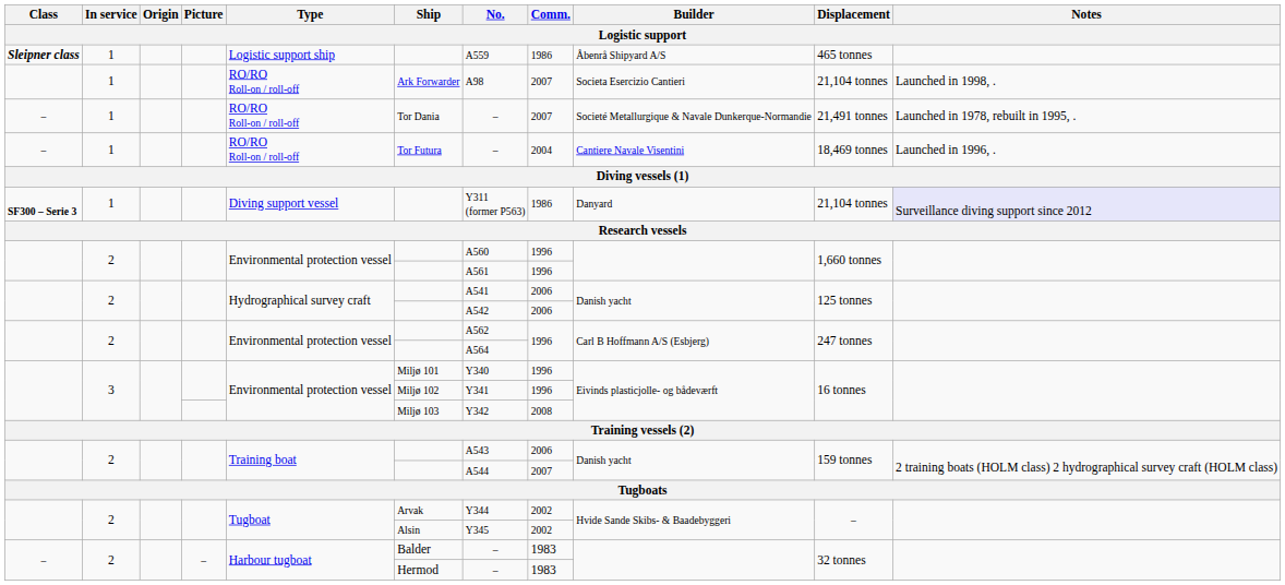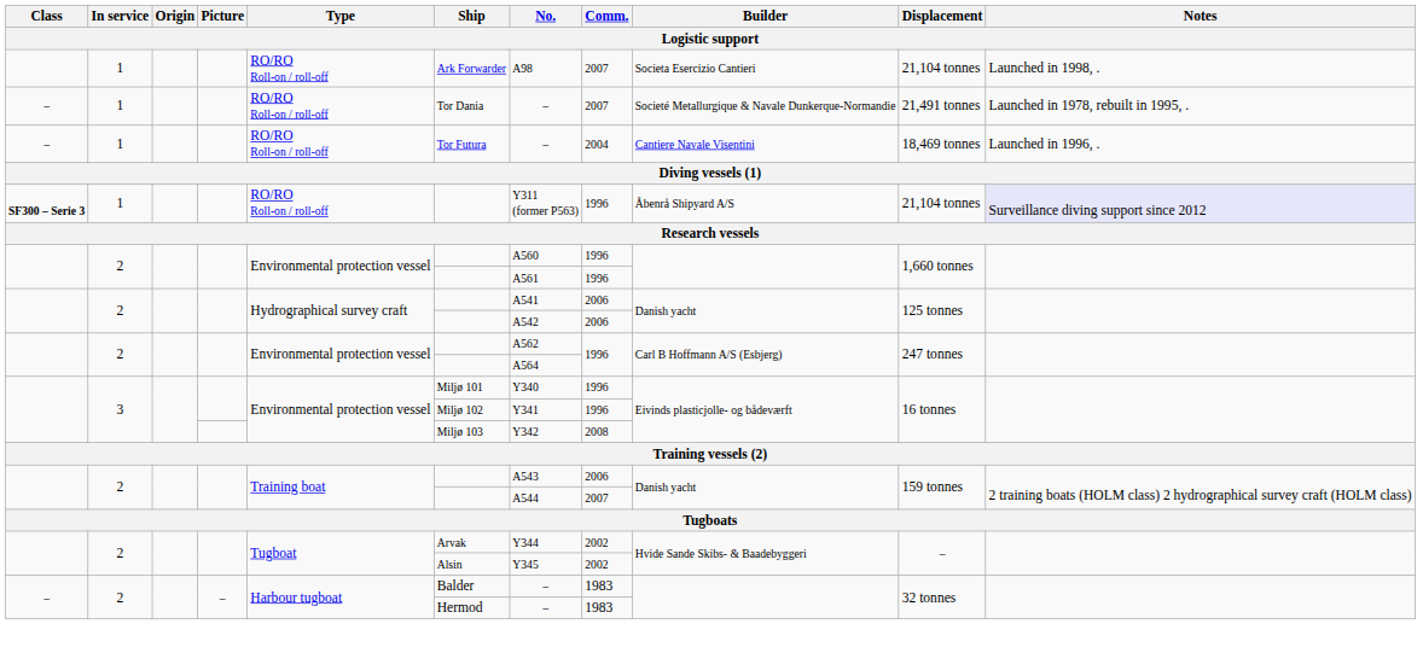 <table class="wikitable">
 <tr>
 <th>Class</th>
 <th>In service</th>
 <th>Origin</th>
 <th>Picture</th>
 <th>Type</th>
 <th>Ship</th>
 <th><a href='#'>No.</a></th>
 <th><a href='#'>Comm.</a></th>
 <th>Builder</th>
 <th>Displacement</th>
 <th>Notes</th>
 </tr>
 <tr>
 <th colspan="11"><strong>Logistic support</strong></th>
-</tr>
-<tr>
-<td><strong><em>Sleipner<em> class<strong></td>
-<td style="text-align: center;"></strong>1<strong></td>
-<td></td>
-<td style="text-align: center;"></td>
-<td><a href='#'>Logistic support ship</a></td>
-<td><small></small></td>
-<td><small>A559</small></td>
-<td><small>1986</small></td>
-<td><small>Åbenrå Shipyard A/S</small></td>
-<td>465 tonnes</td>
-<td></td>
 </tr>
 <tr>
 <td></strong><strong></td>
 <td style="text-align: center;"></strong>1<strong></td>
 <td></td>
 <td style="text-align: center;"></td>
 <td><a href='#'>RO/RO</a><br></em><small><a href='#'>Roll-on / roll-off</a></small><em></td>
 <td></em><small><a href='#'>Ark Forwarder</a></small><em></td>
 <td><small>A98</small></td>
 <td><small>2007</small></td>
 <td><small>Societa Esercizio Cantieri</small></td>
 <td>21,104 tonnes</td>
 <td>Launched in 1998, .</td>
 </tr>
 <tr>
 <td style="text-align: center;"><small>–</small></td>
 <td style="text-align: center;"></strong>1<strong></td>
 <td></td>
 <td></td>
 <td><a href='#'>RO/RO</a><br></em><small><a href='#'>Roll-on / roll-off</a></small><em></td>
 <td><small></em>Tor Dania<em></small></td>
 <td style="text-align: center;"><small>–</small></td>
 <td><small>2007</small></td>
 <td><small>Societé Metallurgique & Navale Dunkerque-Normandie</small></td>
 <td>21,491 tonnes</td>
 <td>Launched in 1978, rebuilt in 1995, .</td>
 </tr>
 <tr>
 <td style="text-align: center;"><small>–</small></td>
 <td style="text-align: center;"></strong>1<strong></td>
 <td></td>
 <td></td>
 <td><a href='#'>RO/RO</a><br></em><small><a href='#'>Roll-on / roll-off</a></small><em></td>
 <td><small></em><a href='#'>Tor Futura</a><em></small></td>
 <td style="text-align: center;"><small>–</small></td>
 <td><small>2004</small></td>
 <td><a href='#'><small>Cantiere Navale Visentini</small></a></td>
 <td>18,469 tonnes</td>
 <td>Launched in 1996, .</td>
 </tr>
 <tr>
 <th colspan="11">Diving vessels (1)</th>
 </tr>
 <tr>
 <td></strong><strong><br></em><small>SF300 – Serie 3</small><em></td>
 <td style="text-align: center;"></strong>1<strong></td>
 <td></td>
 <td style="text-align: center;"></td>
-<td><a href='#'>Diving support vessel</a></td>
+<td><a href='#'>RO/RO</a><br></em><small><a href='#'>Roll-on / roll-off</a></small><em></td>
 <td><small></small></td>
 <td><small>Y311</small><br><small>(former P563)</small></td>
-<td><small>1986</small></td>
-<td><small>Danyard</small></td>
+<td><small>1996</small></td>
+<td><small>Åbenrå Shipyard A/S</small></td>
 <td>21,104 tonnes</td>
 <td style="background: lavender;"><br>Surveillance diving support since 2012</td>
 </tr>
 <tr>
 <th colspan="11">Research vessels</th>
 </tr>
 <tr>
 <td rowspan="2"></strong><strong></td>
 <td rowspan="2" style="text-align: center;"></strong>2<strong></td>
 <td rowspan="2"></td>
 <td rowspan="2"></td>
 <td rowspan="2">Environmental protection vessel</td>
 <td><small></small></td>
 <td><small>A560</small></td>
 <td><small>1996</small></td>
 <td rowspan="2"><small></small></td>
 <td rowspan="2">1,660 tonnes</td>
 <td rowspan="2"></td>
 </tr>
 <tr>
 <td><small></small></td>
 <td><small>A561</small></td>
 <td><small>1996</small></td>
 </tr>
 <tr>
 <td rowspan="2"></strong><strong></td>
 <td rowspan="2" style="text-align: center;"></strong>2<strong></td>
 <td rowspan="2"></td>
 <td rowspan="2"></td>
 <td rowspan="2">Hydrographical survey craft</td>
 <td><small></small></td>
 <td><small>A541</small></td>
 <td><small>2006</small></td>
 <td rowspan="2"><small>Danish yacht</small></td>
 <td rowspan="2">125 tonnes</td>
 <td rowspan="2"></td>
 </tr>
 <tr>
 <td><small></small></td>
 <td><small>A542</small></td>
 <td><small>2006</small></td>
 </tr>
 <tr>
 <td rowspan="2"></strong><strong></td>
 <td rowspan="2" style="text-align: center;"></strong>2<strong></td>
 <td rowspan="2"></td>
 <td rowspan="2"></td>
 <td rowspan="2">Environmental protection vessel</td>
 <td><small></small></td>
 <td><small>A562</small></td>
 <td rowspan="2"><small>1996</small></td>
 <td rowspan="2"><small>Carl B Hoffmann A/S (Esbjerg)</small></td>
 <td rowspan="2">247 tonnes</td>
 <td rowspan="2"></td>
 </tr>
 <tr>
 <td><small></small></td>
 <td><small>A564</small></td>
 </tr>
 <tr>
 <td rowspan="3"></strong><strong></td>
 <td rowspan="3" style="text-align: center;"></strong>3<strong></td>
 <td rowspan="3"></td>
 <td rowspan="2"></td>
 <td rowspan="3">Environmental protection vessel</td>
 <td></em><small>Miljø 101</small><em></td>
 <td><small>Y340</small></td>
 <td><small>1996</small></td>
 <td rowspan="3"><small>Eivinds plasticjolle- og bådeværft</small></td>
 <td rowspan="3">16 tonnes</td>
 <td rowspan="3"></td>
 </tr>
 <tr>
 <td></em><small>Miljø 102</small><em></td>
 <td><small>Y341</small></td>
 <td><small>1996</small></td>
 </tr>
 <tr>
 <td></td>
 <td></em><small>Miljø 103</small><em></td>
 <td><small>Y342</small></td>
 <td><small>2008</small></td>
 </tr>
 <tr>
 <th colspan="11">Training vessels (2)</th>
 </tr>
 <tr>
 <td rowspan="2"></strong><strong></td>
 <td rowspan="2" style="text-align: center;"></strong>2<strong></td>
 <td rowspan="2"></td>
 <td rowspan="2" style="text-align: center;"></td>
 <td rowspan="2"><a href='#'>Training boat</a></td>
 <td><small></small></td>
 <td><small>A543</small></td>
 <td><small>2006</small></td>
 <td rowspan="2"><small>Danish yacht</small></td>
 <td rowspan="2">159 tonnes</td>
 <td rowspan="2"><br>2 training boats (HOLM class) 2 hydrographical survey craft (HOLM class)</td>
 </tr>
 <tr>
 <td><small></small></td>
 <td><small>A544</small></td>
 <td><small>2007</small></td>
 </tr>
 <tr>
 <th colspan="11">Tugboats</th>
 </tr>
 <tr>
 <td rowspan="2"></strong><strong></td>
 <td rowspan="2" style="text-align: center;"></strong>2<strong></td>
 <td rowspan="2"></td>
 <td rowspan="2"></td>
 <td rowspan="2"><a href='#'>Tugboat</a></td>
 <td><small>Arvak</small></td>
 <td><small>Y344</small></td>
 <td><small>2002</small></td>
 <td rowspan="2"><small>Hvide Sande Skibs- & Baadebyggeri</small></td>
 <td rowspan="2" style="text-align: center;"><small>–</small></td>
 <td rowspan="2"></td>
 </tr>
 <tr>
 <td><small>Alsin</small></td>
 <td><small>Y345</small></td>
 <td><small>2002</small></td>
 </tr>
 <tr>
 <td rowspan="2" style="text-align: center;"><small>–</small></td>
 <td rowspan="2" style="text-align: center;"></strong>2<strong></td>
 <td rowspan="2"></td>
 <td rowspan="2" style="text-align: center;"><small>–</small></td>
 <td rowspan="2"><a href='#'>Harbour tugboat</a></td>
 <td></em>Balder<em></td>
 <td style="text-align: center;"><small>–</small></td>
 <td>1983</td>
 <td rowspan="2"><small></small></td>
 <td rowspan="2">32 tonnes</td>
 <td rowspan="2"></td>
 </tr>
 <tr>
 <td></em>Hermod<em></td>
 <td style="text-align: center;"><small>–</small></td>
 <td>1983</td>
 </tr>
 </table>
